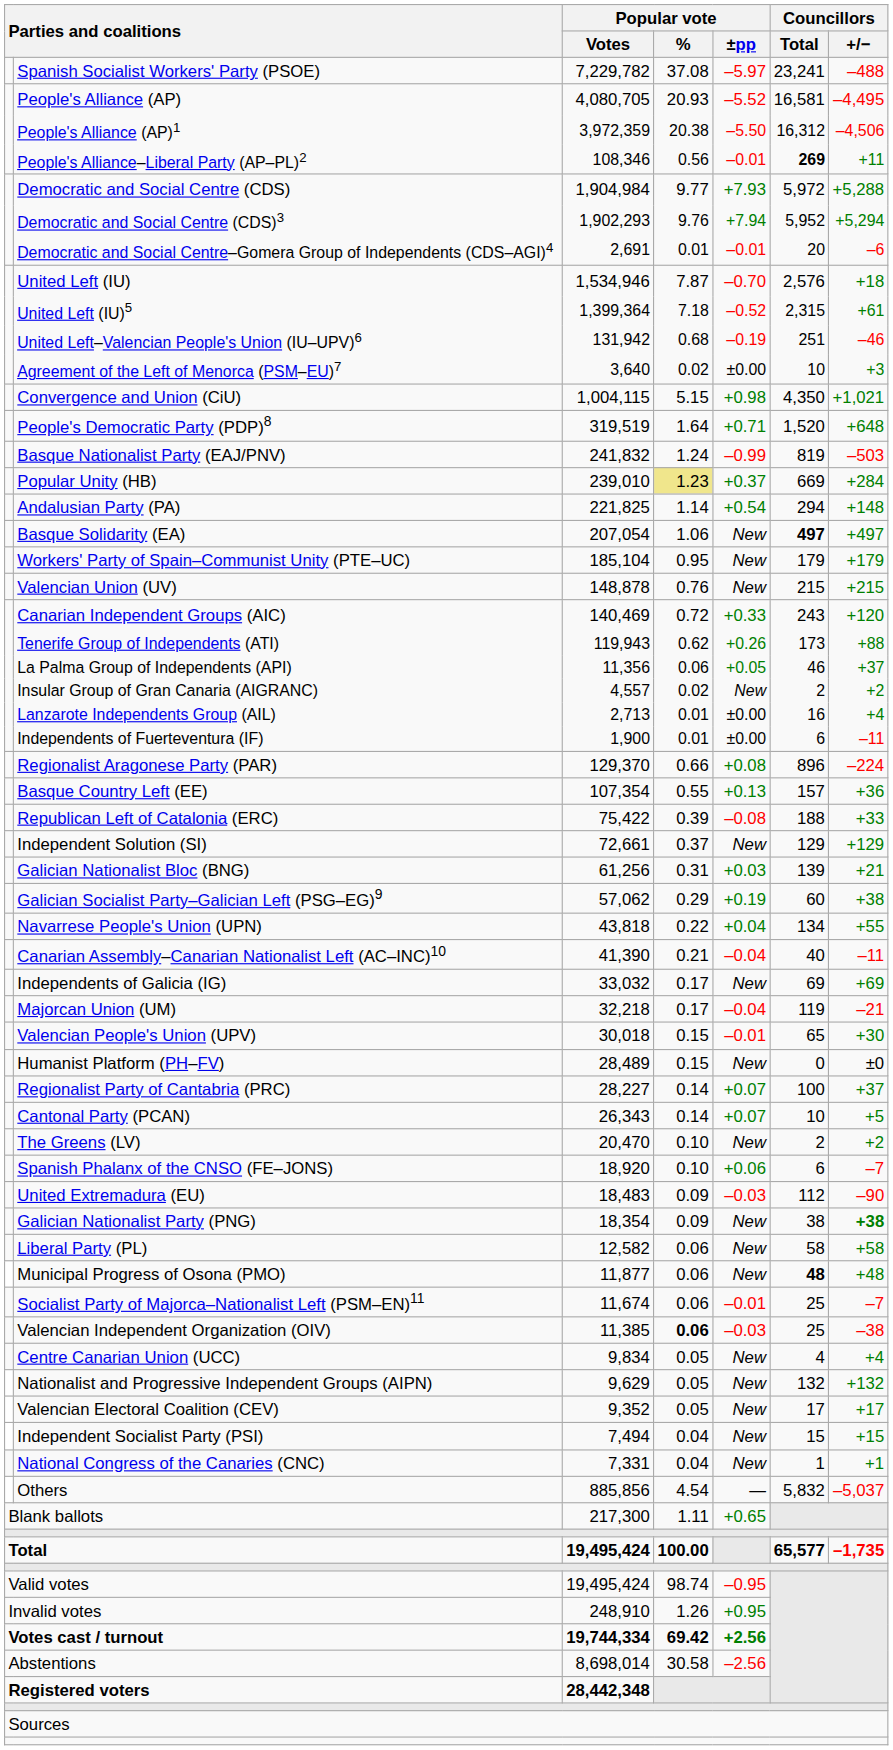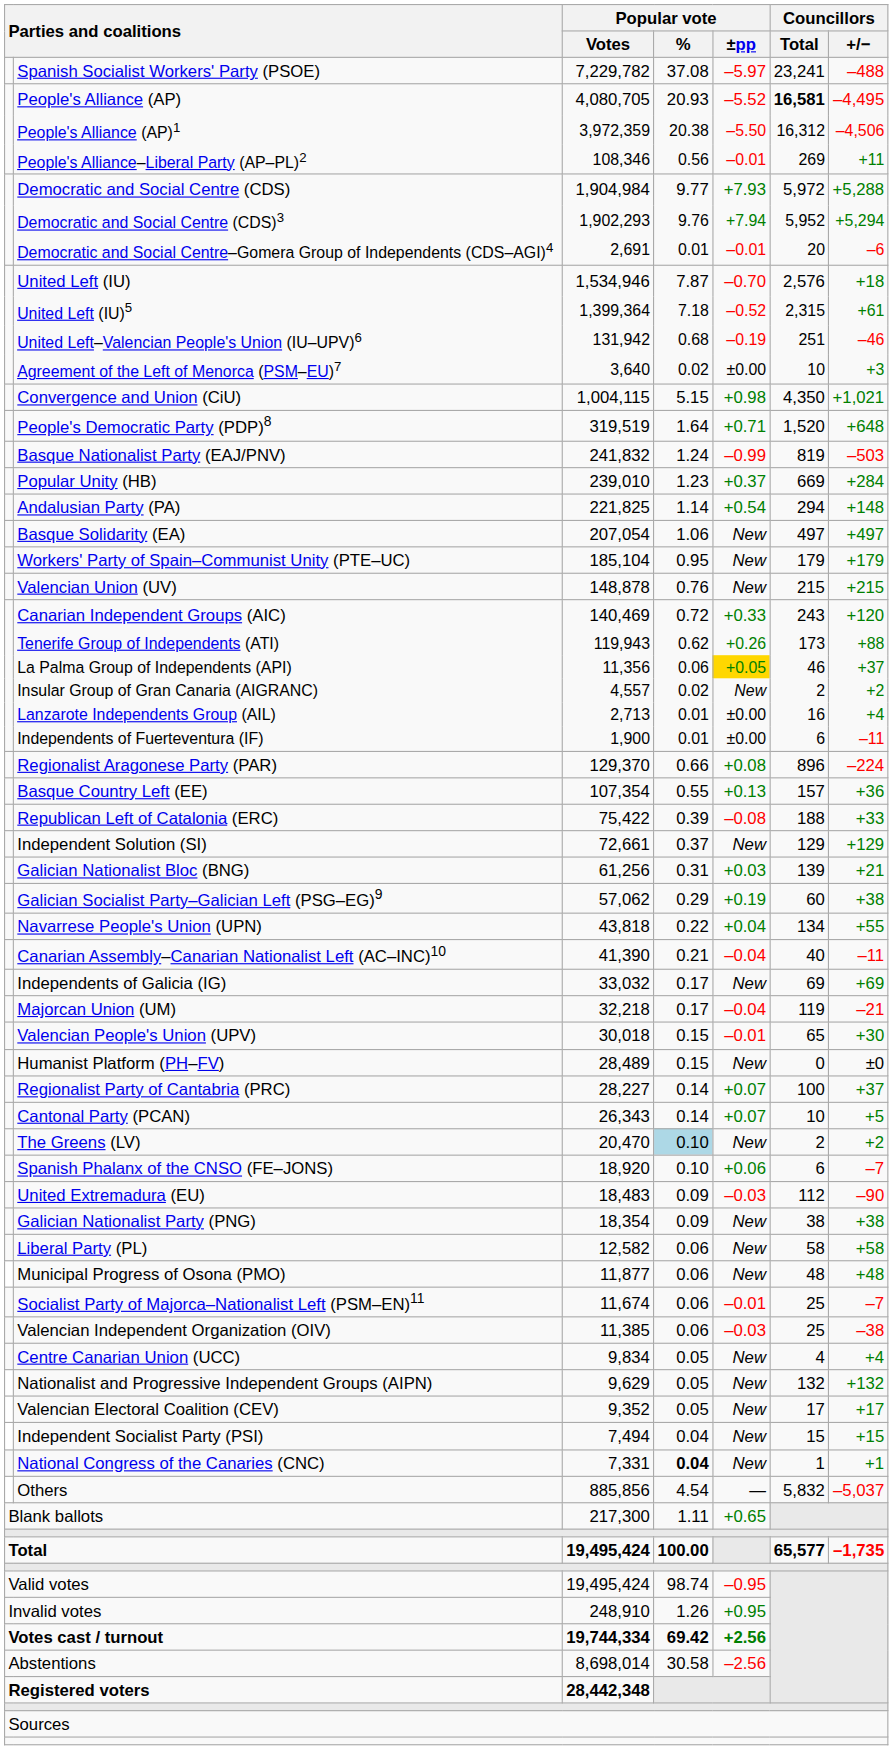 <table class="wikitable" style="text-align:right; font-size:95%;">
 <tr>
 <th style="text-align:left;" rowspan="2" colspan="2" width="500">Parties and coalitions</th>
 <th colspan="3">Popular vote</th>
 <th colspan="2">Councillors</th>
 </tr>
 <tr>
 <th width="75">Votes</th>
 <th width="45">%</th>
 <th width="45">±<a href='#'>pp</a></th>
 <th width="45">Total</th>
 <th width="45">+/−</th>
 </tr>
 <tr>
 <td width="1" style="color:inherit;background:"></td>
 <td align="left"><a href='#'>Spanish Socialist Workers' Party</a> (PSOE)</td>
 <td>7,229,782</td>
 <td>37.08</td>
 <td style="color:red;">–5.97</td>
 <td>23,241</td>
 <td style="color:red;">–488</td>
 </tr>
 <tr style="line-height:22px;">
 <td rowspan="3" style="color:inherit;background:"></td>
 <td align="left"><a href='#'>People's Alliance</a> (AP)</td>
 <td>4,080,705</td>
 <td>20.93</td>
 <td style="color:red;">–5.52</td>
-<td>16,581</td>
+<td><strong>16,581</strong></td>
 <td style="color:red;">–4,495</td>
 </tr>
 <tr style="font-size:95%; border-bottom-style:hidden; border-top-style:hidden; line-height:16px;">
 <td align="left"><span><a href='#'>People's Alliance</a> (AP)<sup>1</sup></span></td>
 <td>3,972,359</td>
 <td>20.38</td>
 <td style="color:red;">–5.50</td>
 <td>16,312</td>
 <td style="color:red;">–4,506</td>
 </tr>
 <tr style="font-size:95%; line-height:16px;">
 <td align="left"><span><a href='#'>People's Alliance</a>–<a href='#'>Liberal Party</a> (AP–PL)<sup>2</sup></span></td>
 <td>108,346</td>
 <td>0.56</td>
 <td style="color:red;">–0.01</td>
-<td><strong>269</strong></td>
+<td>269</td>
 <td style="color:green;">+11</td>
 </tr>
 <tr style="line-height:22px;">
 <td rowspan="3" style="color:inherit;background:"></td>
 <td align="left"><a href='#'>Democratic and Social Centre</a> (CDS)</td>
 <td>1,904,984</td>
 <td>9.77</td>
 <td style="color:green;">+7.93</td>
 <td>5,972</td>
 <td style="color:green;">+5,288</td>
 </tr>
 <tr style="font-size:95%; border-bottom-style:hidden; border-top-style:hidden; line-height:16px;">
 <td align="left"><span><a href='#'>Democratic and Social Centre</a> (CDS)<sup>3</sup></span></td>
 <td>1,902,293</td>
 <td>9.76</td>
 <td style="color:green;">+7.94</td>
 <td>5,952</td>
 <td style="color:green;">+5,294</td>
 </tr>
 <tr style="font-size:95%; line-height:16px;">
 <td align="left"><span><a href='#'>Democratic and Social Centre</a>–Gomera Group of Independents (CDS–AGI)<sup>4</sup></span></td>
 <td>2,691</td>
 <td>0.01</td>
 <td style="color:red;">–0.01</td>
 <td>20</td>
 <td style="color:red;">–6</td>
 </tr>
 <tr style="line-height:22px;">
 <td rowspan="4" style="color:inherit;background:"></td>
 <td align="left"><a href='#'>United Left</a> (IU)</td>
 <td>1,534,946</td>
 <td>7.87</td>
 <td style="color:red;">–0.70</td>
 <td>2,576</td>
 <td style="color:green;">+18</td>
 </tr>
 <tr style="font-size:95%; border-bottom-style:hidden; border-top-style:hidden; line-height:16px;">
 <td align="left"><span><a href='#'>United Left</a> (IU)<sup>5</sup></span></td>
 <td>1,399,364</td>
 <td>7.18</td>
 <td style="color:red;">–0.52</td>
 <td>2,315</td>
 <td style="color:green;">+61</td>
 </tr>
 <tr style="font-size:95%; border-bottom-style:hidden; line-height:16px;">
 <td align="left"><span><a href='#'>United Left</a>–<a href='#'>Valencian People's Union</a> (IU–UPV)<sup>6</sup></span></td>
 <td>131,942</td>
 <td>0.68</td>
 <td style="color:red;">–0.19</td>
 <td>251</td>
 <td style="color:red;">–46</td>
 </tr>
 <tr style="font-size:95%; line-height:16px;">
 <td align="left"><span><a href='#'>Agreement of the Left of Menorca</a> (<a href='#'>PSM</a>–<a href='#'>EU</a>)<sup>7</sup></span></td>
 <td>3,640</td>
 <td>0.02</td>
 <td>±0.00</td>
 <td>10</td>
 <td style="color:green;">+3</td>
 </tr>
 <tr>
 <td style="color:inherit;background:"></td>
 <td align="left"><a href='#'>Convergence and Union</a> (CiU)</td>
 <td>1,004,115</td>
 <td>5.15</td>
 <td style="color:green;">+0.98</td>
 <td>4,350</td>
 <td style="color:green;">+1,021</td>
 </tr>
 <tr>
 <td style="color:inherit;background:"></td>
 <td align="left"><a href='#'>People's Democratic Party</a> (PDP)<sup>8</sup></td>
 <td>319,519</td>
 <td>1.64</td>
 <td style="color:green;">+0.71</td>
 <td>1,520</td>
 <td style="color:green;">+648</td>
 </tr>
 <tr>
 <td style="color:inherit;background:"></td>
 <td align="left"><a href='#'>Basque Nationalist Party</a> (EAJ/PNV)</td>
 <td>241,832</td>
 <td>1.24</td>
 <td style="color:red;">–0.99</td>
 <td>819</td>
 <td style="color:red;">–503</td>
 </tr>
 <tr>
 <td style="color:inherit;background:"></td>
 <td align="left"><a href='#'>Popular Unity</a> (HB)</td>
 <td>239,010</td>
-<td style="background: khaki;">1.23</td>
+<td>1.23</td>
 <td style="color:green;">+0.37</td>
 <td>669</td>
 <td style="color:green;">+284</td>
 </tr>
 <tr>
 <td style="color:inherit;background:"></td>
 <td align="left"><a href='#'>Andalusian Party</a> (PA)</td>
 <td>221,825</td>
 <td>1.14</td>
 <td style="color:green;">+0.54</td>
 <td>294</td>
 <td style="color:green;">+148</td>
 </tr>
 <tr>
 <td style="color:inherit;background:"></td>
 <td align="left"><a href='#'>Basque Solidarity</a> (EA)</td>
 <td>207,054</td>
 <td>1.06</td>
 <td><em>New</em></td>
-<td><strong>497</strong></td>
+<td>497</td>
 <td style="color:green;">+497</td>
 </tr>
 <tr>
 <td style="color:inherit;background:"></td>
 <td align="left"><a href='#'>Workers' Party of Spain–Communist Unity</a> (PTE–UC)</td>
 <td>185,104</td>
 <td>0.95</td>
 <td><em>New</em></td>
 <td>179</td>
 <td style="color:green;">+179</td>
 </tr>
 <tr>
 <td style="color:inherit;background:"></td>
 <td align="left"><a href='#'>Valencian Union</a> (UV)</td>
 <td>148,878</td>
 <td>0.76</td>
 <td><em>New</em></td>
 <td>215</td>
 <td style="color:green;">+215</td>
 </tr>
 <tr style="line-height:22px;">
 <td rowspan="6" style="color:inherit;background:"></td>
 <td align="left"><a href='#'>Canarian Independent Groups</a> (AIC)</td>
 <td>140,469</td>
 <td>0.72</td>
 <td style="color:green;">+0.33</td>
 <td>243</td>
 <td style="color:green;">+120</td>
 </tr>
 <tr style="font-size:95%; border-bottom-style:hidden; border-top-style:hidden; line-height:16px;">
 <td align="left"><span><a href='#'>Tenerife Group of Independents</a> (ATI)</span></td>
 <td>119,943</td>
 <td>0.62</td>
 <td style="color:green;">+0.26</td>
 <td>173</td>
 <td style="color:green;">+88</td>
 </tr>
 <tr style="font-size:95%; border-bottom-style:hidden; line-height:16px;">
 <td align="left"><span>La Palma Group of Independents (API)</span></td>
 <td>11,356</td>
 <td>0.06</td>
-<td style="color:green;">+0.05</td>
+<td style="background: gold; color:green;">+0.05</td>
 <td>46</td>
 <td style="color:green;">+37</td>
 </tr>
 <tr style="font-size:95%; border-bottom-style:hidden; line-height:16px;">
 <td align="left"><span>Insular Group of Gran Canaria (AIGRANC)</span></td>
 <td>4,557</td>
 <td>0.02</td>
 <td><em>New</em></td>
 <td>2</td>
 <td style="color:green;">+2</td>
 </tr>
 <tr style="font-size:95%; border-bottom-style:hidden; line-height:16px;">
 <td align="left"><span><a href='#'>Lanzarote Independents Group</a> (AIL)</span></td>
 <td>2,713</td>
 <td>0.01</td>
 <td>±0.00</td>
 <td>16</td>
 <td style="color:green;">+4</td>
 </tr>
 <tr style="font-size:95%; line-height:16px;">
 <td align="left"><span>Independents of Fuerteventura (IF)</span></td>
 <td>1,900</td>
 <td>0.01</td>
 <td>±0.00</td>
 <td>6</td>
 <td style="color:red;">–11</td>
 </tr>
 <tr>
 <td style="color:inherit;background:"></td>
 <td align="left"><a href='#'>Regionalist Aragonese Party</a> (PAR)</td>
 <td>129,370</td>
 <td>0.66</td>
 <td style="color:green;">+0.08</td>
 <td>896</td>
 <td style="color:red;">–224</td>
 </tr>
 <tr>
 <td style="color:inherit;background:"></td>
 <td align="left"><a href='#'>Basque Country Left</a> (EE)</td>
 <td>107,354</td>
 <td>0.55</td>
 <td style="color:green;">+0.13</td>
 <td>157</td>
 <td style="color:green;">+36</td>
 </tr>
 <tr>
 <td style="color:inherit;background:"></td>
 <td align="left"><a href='#'>Republican Left of Catalonia</a> (ERC)</td>
 <td>75,422</td>
 <td>0.39</td>
 <td style="color:red;">–0.08</td>
 <td>188</td>
 <td style="color:green;">+33</td>
 </tr>
 <tr>
 <td style="color:inherit;background:"></td>
 <td align="left">Independent Solution (SI)</td>
 <td>72,661</td>
 <td>0.37</td>
 <td><em>New</em></td>
 <td>129</td>
 <td style="color:green;">+129</td>
 </tr>
 <tr>
 <td style="color:inherit;background:"></td>
 <td align="left"><a href='#'>Galician Nationalist Bloc</a> (BNG)</td>
 <td>61,256</td>
 <td>0.31</td>
 <td style="color:green;">+0.03</td>
 <td>139</td>
 <td style="color:green;">+21</td>
 </tr>
 <tr>
 <td style="color:inherit;background:"></td>
 <td align="left"><a href='#'>Galician Socialist Party–Galician Left</a> (PSG–EG)<sup>9</sup></td>
 <td>57,062</td>
 <td>0.29</td>
 <td style="color:green;">+0.19</td>
 <td>60</td>
 <td style="color:green;">+38</td>
 </tr>
 <tr>
 <td style="color:inherit;background:"></td>
 <td align="left"><a href='#'>Navarrese People's Union</a> (UPN)</td>
 <td>43,818</td>
 <td>0.22</td>
 <td style="color:green;">+0.04</td>
 <td>134</td>
 <td style="color:green;">+55</td>
 </tr>
 <tr>
 <td style="color:inherit;background:"></td>
 <td align="left"><a href='#'>Canarian Assembly</a>–<a href='#'>Canarian Nationalist Left</a> (AC–INC)<sup>10</sup></td>
 <td>41,390</td>
 <td>0.21</td>
 <td style="color:red;">–0.04</td>
 <td>40</td>
 <td style="color:red;">–11</td>
 </tr>
 <tr>
 <td style="color:inherit;background:"></td>
 <td align="left">Independents of Galicia (IG)</td>
 <td>33,032</td>
 <td>0.17</td>
 <td><em>New</em></td>
 <td>69</td>
 <td style="color:green;">+69</td>
 </tr>
 <tr>
 <td style="color:inherit;background:"></td>
 <td align="left"><a href='#'>Majorcan Union</a> (UM)</td>
 <td>32,218</td>
 <td>0.17</td>
 <td style="color:red;">–0.04</td>
 <td>119</td>
 <td style="color:red;">–21</td>
 </tr>
 <tr>
 <td style="color:inherit;background:"></td>
 <td align="left"><a href='#'>Valencian People's Union</a> (UPV)</td>
 <td>30,018</td>
 <td>0.15</td>
 <td style="color:red;">–0.01</td>
 <td>65</td>
 <td style="color:green;">+30</td>
 </tr>
 <tr>
 <td style="color:inherit;background:"></td>
 <td align="left">Humanist Platform (<a href='#'>PH</a>–<a href='#'>FV</a>)</td>
 <td>28,489</td>
 <td>0.15</td>
 <td><em>New</em></td>
 <td>0</td>
 <td>±0</td>
 </tr>
 <tr>
 <td style="color:inherit;background:"></td>
 <td align="left"><a href='#'>Regionalist Party of Cantabria</a> (PRC)</td>
 <td>28,227</td>
 <td>0.14</td>
 <td style="color:green;">+0.07</td>
 <td>100</td>
 <td style="color:green;">+37</td>
 </tr>
 <tr>
 <td style="color:inherit;background:"></td>
 <td align="left"><a href='#'>Cantonal Party</a> (PCAN)</td>
 <td>26,343</td>
 <td>0.14</td>
 <td style="color:green;">+0.07</td>
 <td>10</td>
 <td style="color:green;">+5</td>
 </tr>
 <tr>
 <td style="color:inherit;background:"></td>
 <td align="left"><a href='#'>The Greens</a> (LV)</td>
 <td>20,470</td>
-<td>0.10</td>
+<td style="background: lightblue;">0.10</td>
 <td><em>New</em></td>
 <td>2</td>
 <td style="color:green;">+2</td>
 </tr>
 <tr>
 <td style="color:inherit;background:"></td>
 <td align="left"><a href='#'>Spanish Phalanx of the CNSO</a> (FE–JONS)</td>
 <td>18,920</td>
 <td>0.10</td>
 <td style="color:green;">+0.06</td>
 <td>6</td>
 <td style="color:red;">–7</td>
 </tr>
 <tr>
 <td style="color:inherit;background:"></td>
 <td align="left"><a href='#'>United Extremadura</a> (EU)</td>
 <td>18,483</td>
 <td>0.09</td>
 <td style="color:red;">–0.03</td>
 <td>112</td>
 <td style="color:red;">–90</td>
 </tr>
 <tr>
 <td style="color:inherit;background:"></td>
 <td align="left"><a href='#'>Galician Nationalist Party</a> (PNG)</td>
 <td>18,354</td>
 <td>0.09</td>
 <td><em>New</em></td>
 <td>38</td>
-<td style="color:green;"><strong>+38</strong></td>
+<td style="color:green;">+38</td>
 </tr>
 <tr>
 <td style="color:inherit;background:"></td>
 <td align="left"><a href='#'>Liberal Party</a> (PL)</td>
 <td>12,582</td>
 <td>0.06</td>
 <td><em>New</em></td>
 <td>58</td>
 <td style="color:green;">+58</td>
 </tr>
 <tr>
 <td bgcolor="white"></td>
 <td align="left">Municipal Progress of Osona (PMO)</td>
 <td>11,877</td>
 <td>0.06</td>
 <td><em>New</em></td>
-<td><strong>48</strong></td>
+<td>48</td>
 <td style="color:green;">+48</td>
 </tr>
 <tr>
 <td style="color:inherit;background:"></td>
 <td align="left"><a href='#'>Socialist Party of Majorca–Nationalist Left</a> (PSM–EN)<sup>11</sup></td>
 <td>11,674</td>
 <td>0.06</td>
 <td style="color:red;">–0.01</td>
 <td>25</td>
 <td style="color:red;">–7</td>
 </tr>
 <tr>
 <td style="color:inherit;background:"></td>
 <td align="left">Valencian Independent Organization (OIV)</td>
 <td>11,385</td>
-<td><strong>0.06</strong></td>
+<td>0.06</td>
 <td style="color:red;">–0.03</td>
 <td>25</td>
 <td style="color:red;">–38</td>
 </tr>
 <tr>
 <td style="color:inherit;background:"></td>
 <td align="left"><a href='#'>Centre Canarian Union</a> (UCC)</td>
 <td>9,834</td>
 <td>0.05</td>
 <td><em>New</em></td>
 <td>4</td>
 <td style="color:green;">+4</td>
 </tr>
 <tr>
 <td bgcolor="white"></td>
 <td align="left">Nationalist and Progressive Independent Groups (AIPN)</td>
 <td>9,629</td>
 <td>0.05</td>
 <td><em>New</em></td>
 <td>132</td>
 <td style="color:green;">+132</td>
 </tr>
 <tr>
 <td bgcolor="white"></td>
 <td align="left">Valencian Electoral Coalition (CEV)</td>
 <td>9,352</td>
 <td>0.05</td>
 <td><em>New</em></td>
 <td>17</td>
 <td style="color:green;">+17</td>
 </tr>
 <tr>
 <td bgcolor="white"></td>
 <td align="left">Independent Socialist Party (PSI)</td>
 <td>7,494</td>
 <td>0.04</td>
 <td><em>New</em></td>
 <td>15</td>
 <td style="color:green;">+15</td>
 </tr>
 <tr>
 <td style="color:inherit;background:"></td>
 <td align="left"><a href='#'>National Congress of the Canaries</a> (CNC)</td>
 <td>7,331</td>
-<td>0.04</td>
+<td><strong>0.04</strong></td>
 <td><em>New</em></td>
 <td>1</td>
 <td style="color:green;">+1</td>
 </tr>
 <tr>
 <td bgcolor="white"></td>
 <td align="left">Others</td>
 <td>885,856</td>
 <td>4.54</td>
 <td>—</td>
 <td>5,832</td>
 <td style="color:red;">–5,037</td>
 </tr>
 <tr>
 <td align="left" colspan="2">Blank ballots</td>
 <td>217,300</td>
 <td>1.11</td>
 <td style="color:green;">+0.65</td>
 <td bgcolor="#E9E9E9" colspan="2"></td>
 </tr>
 <tr>
 <td colspan="7" bgcolor="#E9E9E9"></td>
 </tr>
 <tr style="font-weight:bold;">
 <td align="left" colspan="2">Total</td>
 <td>19,495,424</td>
 <td>100.00</td>
 <td bgcolor="#E9E9E9"></td>
 <td>65,577</td>
 <td style="color:red;">–1,735</td>
 </tr>
 <tr>
 <td colspan="7" bgcolor="#E9E9E9"></td>
 </tr>
 <tr>
 <td align="left" colspan="2">Valid votes</td>
 <td>19,495,424</td>
 <td>98.74</td>
 <td style="color:red;">–0.95</td>
 <td bgcolor="#E9E9E9" colspan="2" rowspan="5"></td>
 </tr>
 <tr>
 <td align="left" colspan="2">Invalid votes</td>
 <td>248,910</td>
 <td>1.26</td>
 <td style="color:green;">+0.95</td>
 </tr>
 <tr style="font-weight:bold;">
 <td align="left" colspan="2">Votes cast / turnout</td>
 <td>19,744,334</td>
 <td>69.42</td>
 <td style="color:green;">+2.56</td>
 </tr>
 <tr>
 <td align="left" colspan="2">Abstentions</td>
 <td>8,698,014</td>
 <td>30.58</td>
 <td style="color:red;">–2.56</td>
 </tr>
 <tr style="font-weight:bold;">
 <td align="left" colspan="2">Registered voters</td>
 <td>28,442,348</td>
 <td bgcolor="#E9E9E9" colspan="2"></td>
 </tr>
 <tr>
 <td colspan="7" bgcolor="#E9E9E9"></td>
 </tr>
 <tr>
 <td align="left" colspan="7">Sources</td>
 </tr>
 <tr>
 <td colspan="7" style="text-align:left; font-size:95%; max-width:790px;"></td>
 </tr>
 </table>
